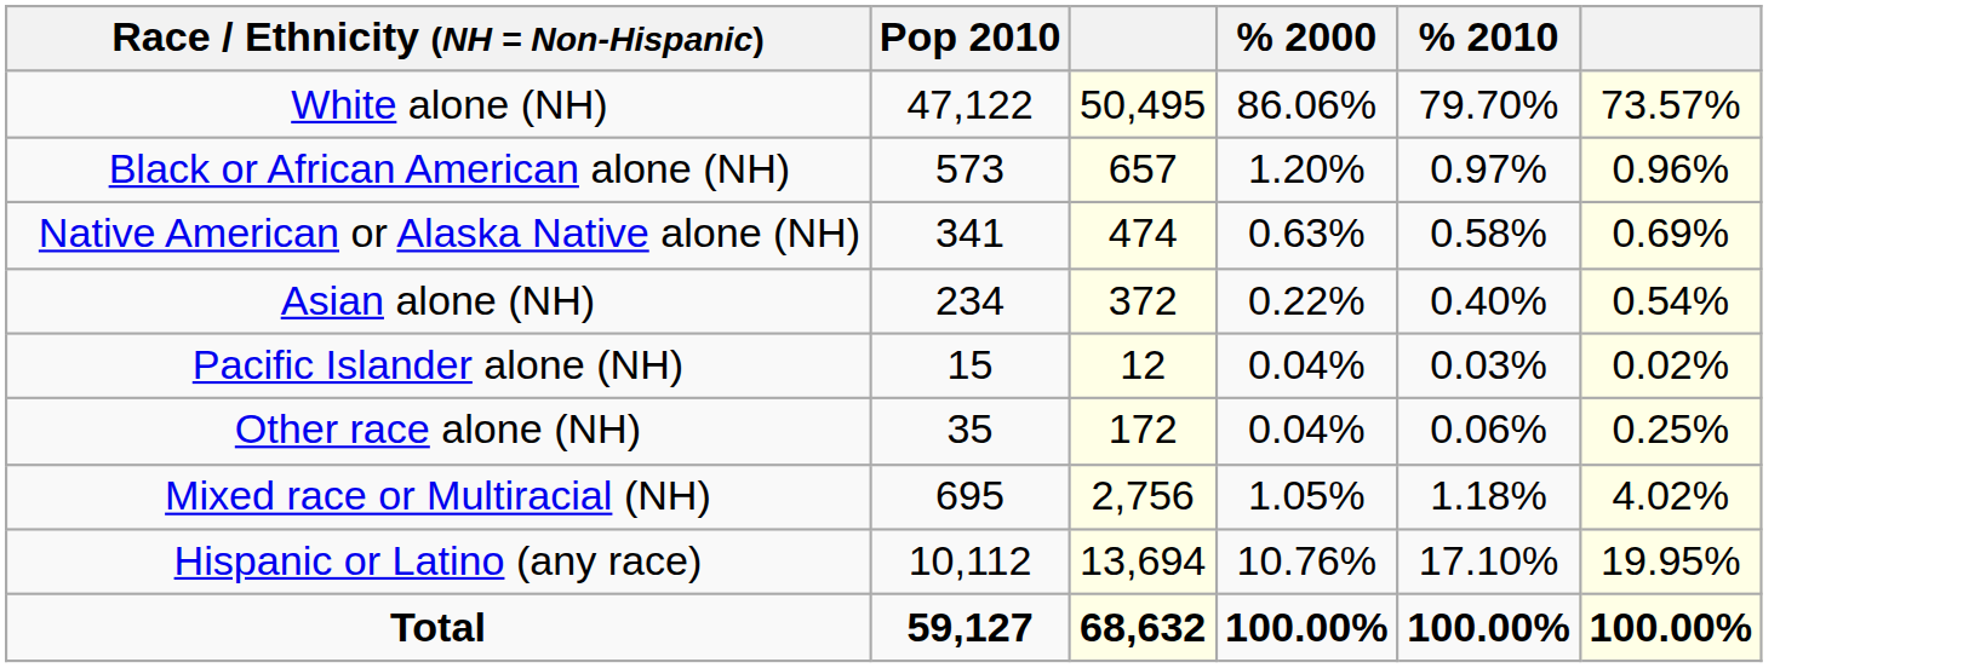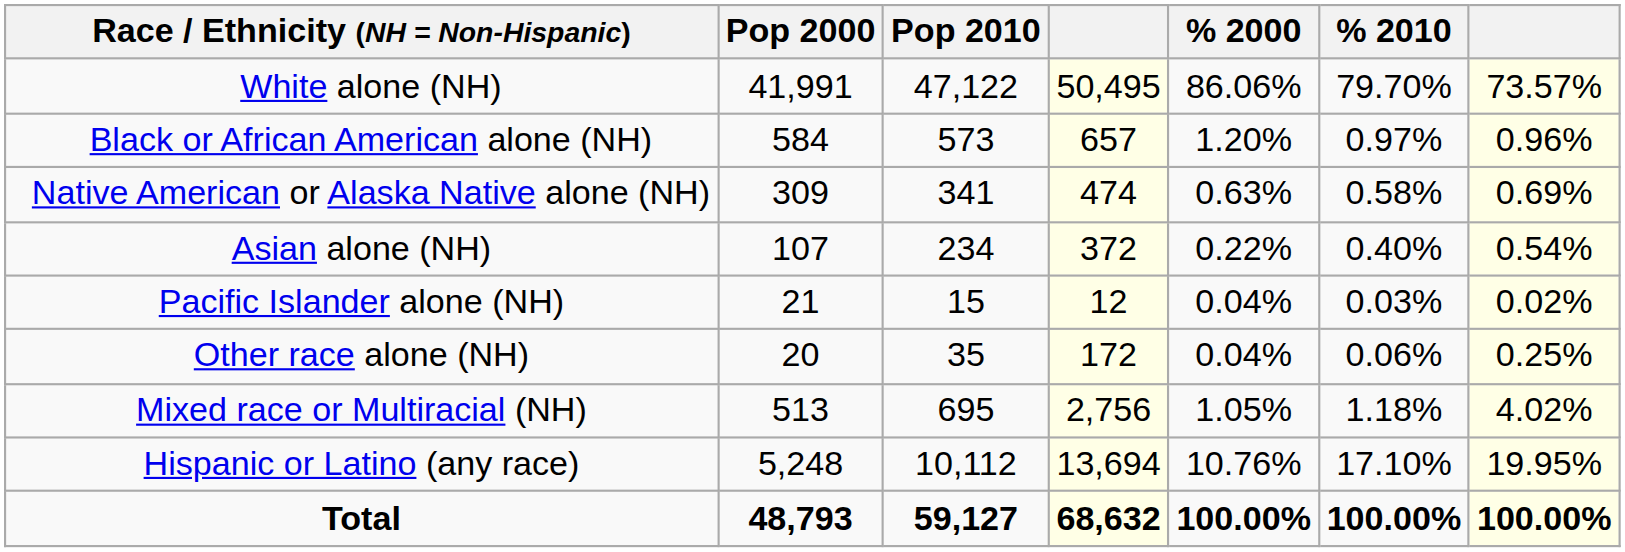 <table class="wikitable" style="text-align:center;">
 <tr>
 <th>Race / Ethnicity <small>(<em>NH = Non-Hispanic</em>)</small></th>
+<th>Pop 2000</th>
 <th>Pop 2010</th>
 <th></th>
 <th>% 2000</th>
 <th>% 2010</th>
 <th></th>
 </tr>
 <tr>
 <td>  <a href='#'>White</a> alone (NH)</td>
+<td>41,991</td>
 <td>47,122</td>
 <td style='background: #ffffe6;'>50,495</td>
 <td>86.06%</td>
 <td>79.70%</td>
 <td style='background: #ffffe6;'>73.57%</td>
 </tr>
 <tr>
 <td>  <a href='#'>Black or African American</a> alone (NH)</td>
+<td>584</td>
 <td>573</td>
 <td style='background: #ffffe6;'>657</td>
 <td>1.20%</td>
 <td>0.97%</td>
 <td style='background: #ffffe6;'>0.96%</td>
 </tr>
 <tr>
 <td>  <a href='#'>Native American</a> or <a href='#'>Alaska Native</a> alone (NH)</td>
+<td>309</td>
 <td>341</td>
 <td style='background: #ffffe6;'>474</td>
 <td>0.63%</td>
 <td>0.58%</td>
 <td style='background: #ffffe6;'>0.69%</td>
 </tr>
 <tr>
 <td><a href='#'>Asian</a> alone (NH)</td>
+<td>107</td>
 <td>234</td>
 <td style='background: #ffffe6;'>372</td>
 <td>0.22%</td>
 <td>0.40%</td>
 <td style='background: #ffffe6;'>0.54%</td>
 </tr>
 <tr>
 <td><a href='#'>Pacific Islander</a> alone (NH)</td>
+<td>21</td>
 <td>15</td>
 <td style='background: #ffffe6;'>12</td>
 <td>0.04%</td>
 <td>0.03%</td>
 <td style='background: #ffffe6;'>0.02%</td>
 </tr>
 <tr>
 <td><a href='#'>Other race</a> alone (NH)</td>
+<td>20</td>
 <td>35</td>
 <td style='background: #ffffe6;'>172</td>
 <td>0.04%</td>
 <td>0.06%</td>
 <td style='background: #ffffe6;'>0.25%</td>
 </tr>
 <tr>
 <td><a href='#'>Mixed race or Multiracial</a> (NH)</td>
+<td>513</td>
 <td>695</td>
 <td style='background: #ffffe6;'>2,756</td>
 <td>1.05%</td>
 <td>1.18%</td>
 <td style='background: #ffffe6;'>4.02%</td>
 </tr>
 <tr>
 <td><a href='#'>Hispanic or Latino</a> (any race)</td>
+<td>5,248</td>
 <td>10,112</td>
 <td style='background: #ffffe6;'>13,694</td>
 <td>10.76%</td>
 <td>17.10%</td>
 <td style='background: #ffffe6;'>19.95%</td>
 </tr>
 <tr>
 <td><strong>Total</strong></td>
+<td><strong>48,793</strong></td>
 <td><strong>59,127</strong></td>
 <td style='background: #ffffe6;'><strong>68,632</strong></td>
 <td><strong>100.00%</strong></td>
 <td><strong>100.00%</strong></td>
 <td style='background: #ffffe6;'><strong>100.00%</strong></td>
 </tr>
 </table>
